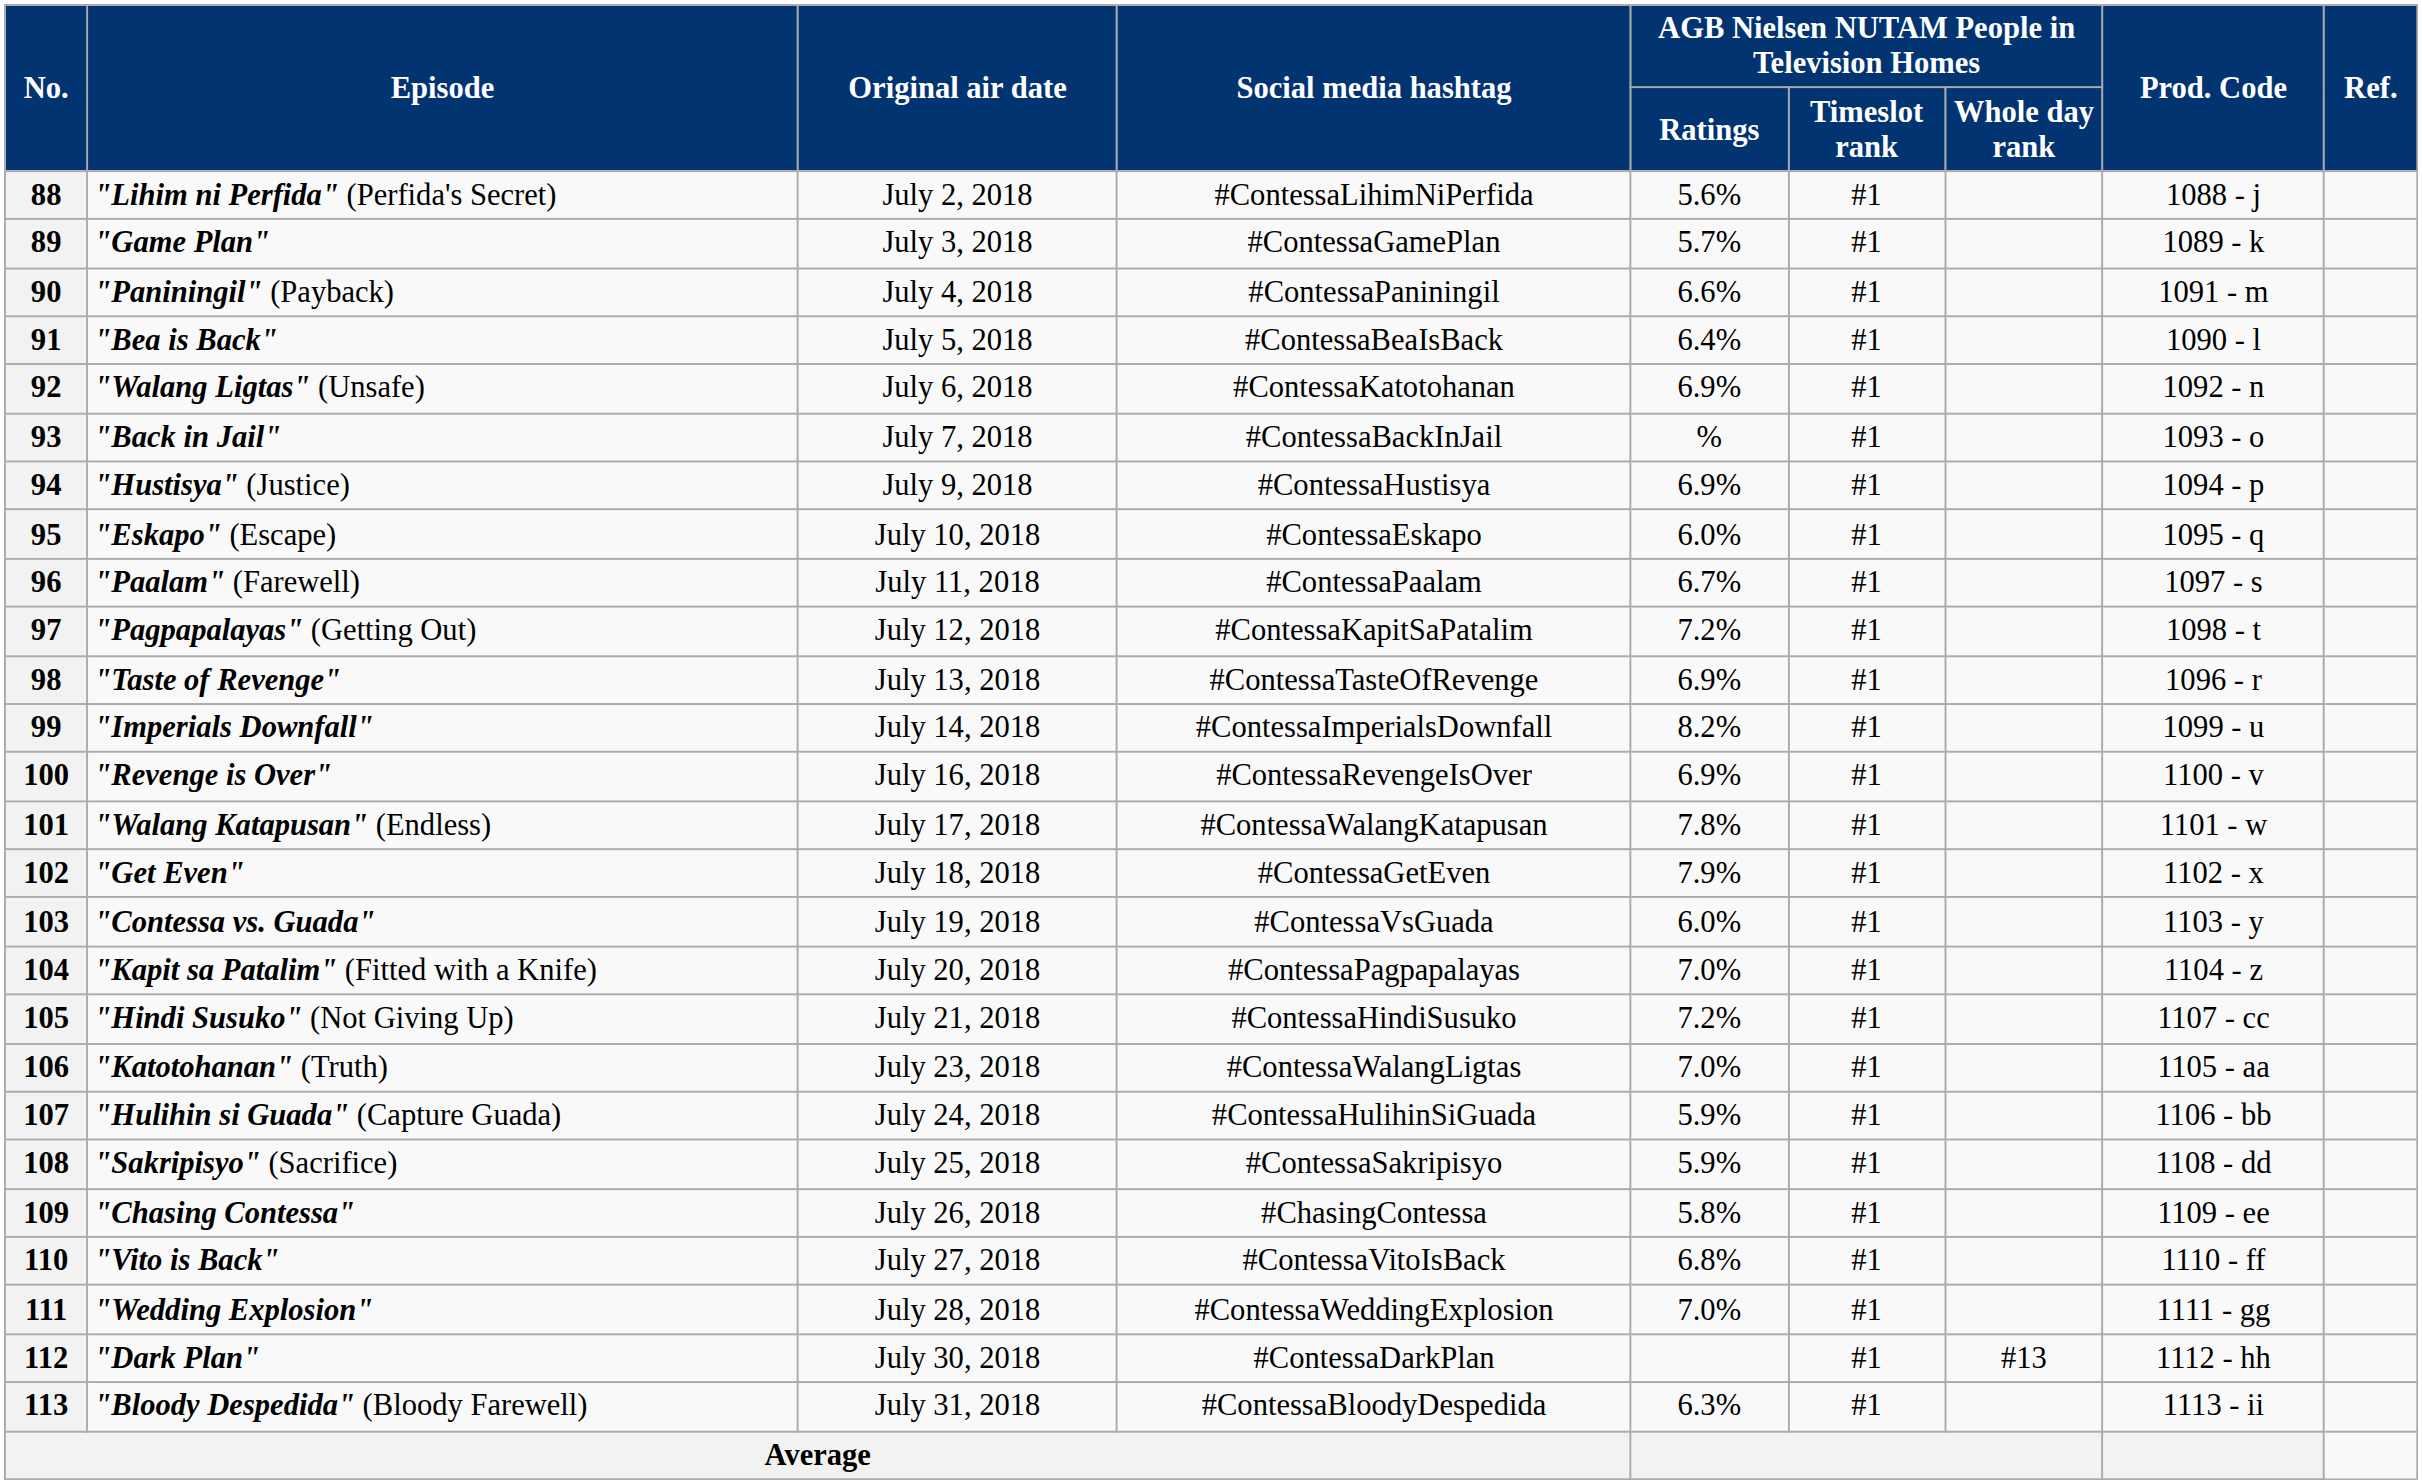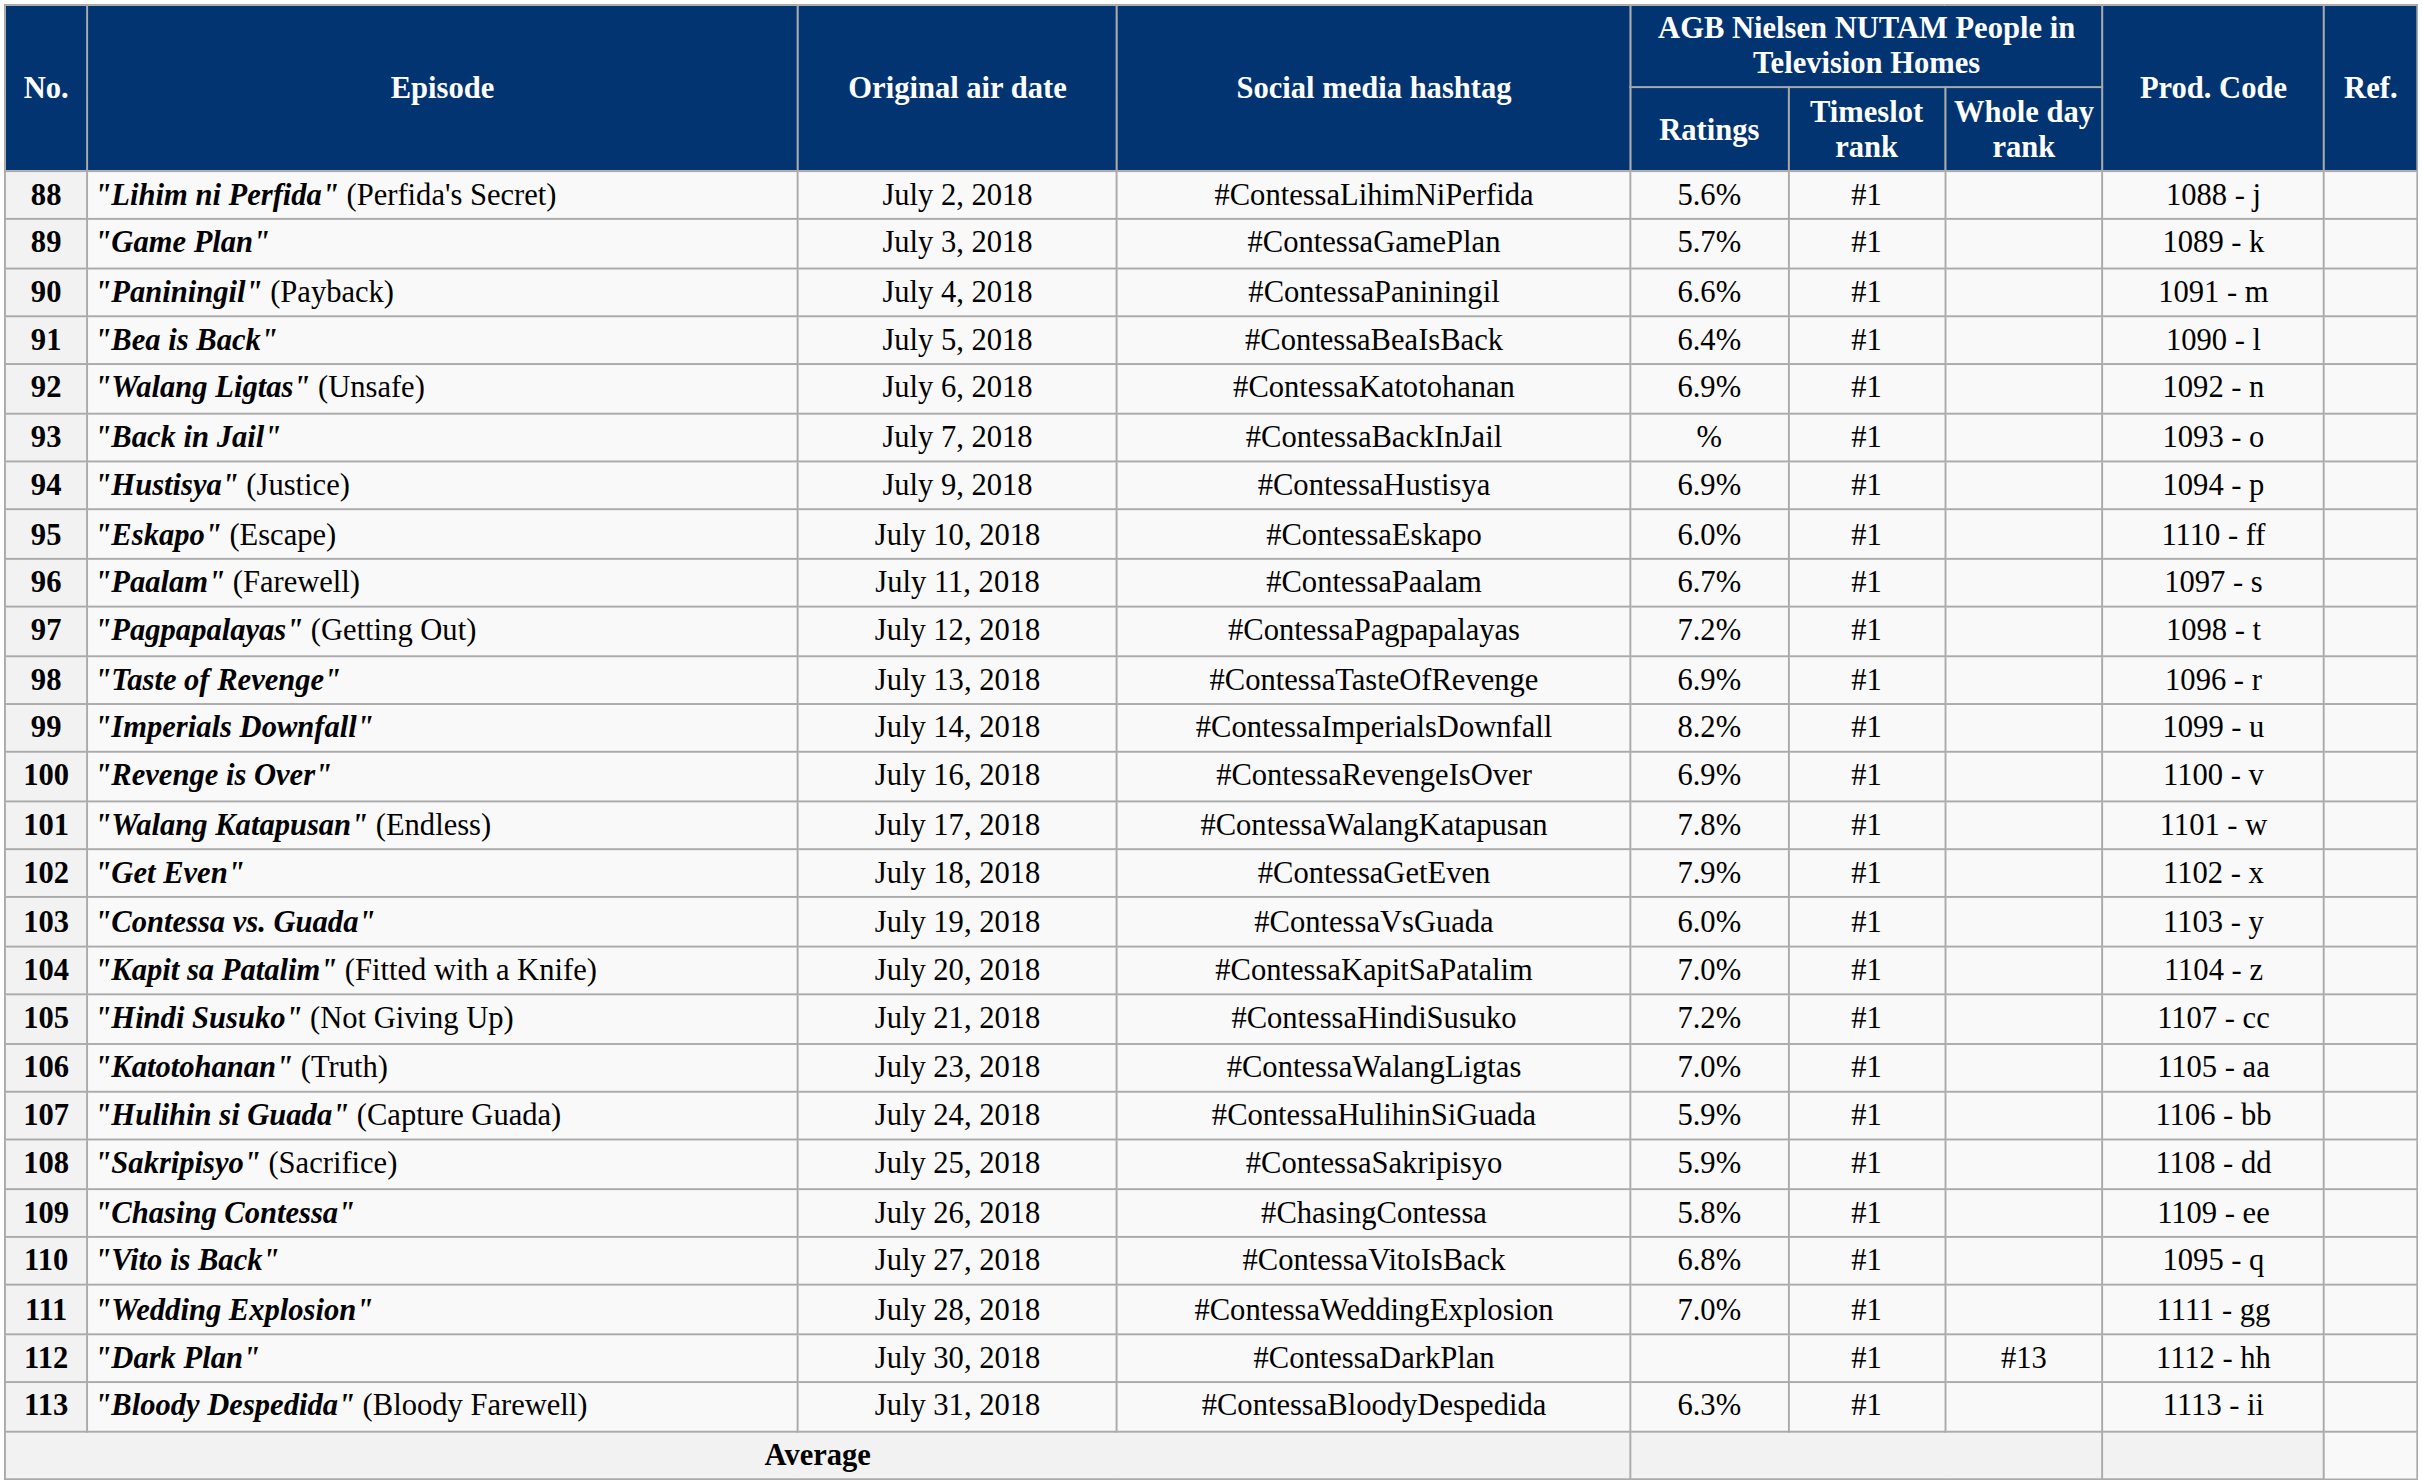 <table class="wikitable" style="text-align:center; font-size:100%; line-height:18px;" width="100%">
 <tr>
 <th style="background-color:#023472; color:#ffffff;" rowspan="2">No.</th>
 <th style="background-color:#023472; color:#ffffff;" rowspan="2">Episode</th>
 <th style="background-color:#023472; color:white" rowspan="2">Original air date</th>
 <th style="background-color:#023472; color:white" rowspan="2">Social media hashtag</th>
 <th style="background-color:#023472; color:#ffffff;" colspan="3">AGB Nielsen NUTAM People in Television Homes</th>
 <th style="background-color:#023472; color:white" rowspan="2">Prod. Code</th>
 <th style="background-color:#023472; color:#ffffff;" rowspan="2">Ref.</th>
 </tr>
 <tr>
 <th style="background-color:#023472; width:75px; color:#ffffff;">Ratings</th>
 <th style="background-color:#023472; width:75px; color:#ffffff;">Timeslot<br>rank</th>
 <th style="background-color:#023472; width:75px; color:#ffffff;">Whole day<br>rank</th>
 </tr>
 <tr>
 <th>88</th>
 <td style="text-align: left;"><strong><em>"Lihim ni Perfida"</em></strong> (Perfida's Secret)</td>
 <td>July 2, 2018</td>
 <td>#ContessaLihimNiPerfida</td>
 <td>5.6%</td>
 <td>#1</td>
 <td></td>
 <td>1088 - j</td>
 <td></td>
 </tr>
 <tr>
 <th>89</th>
 <td style="text-align: left;"><strong><em>"Game Plan"</em></strong></td>
 <td>July 3, 2018</td>
 <td>#ContessaGamePlan</td>
 <td>5.7%</td>
 <td>#1</td>
 <td></td>
 <td>1089 - k</td>
 <td></td>
 </tr>
 <tr>
 <th>90</th>
 <td style="text-align: left;"><strong><em>"Paniningil"</em></strong> (Payback)</td>
 <td>July 4, 2018</td>
 <td>#ContessaPaniningil</td>
 <td>6.6%</td>
 <td>#1</td>
 <td></td>
 <td>1091 - m</td>
 <td></td>
 </tr>
 <tr>
 <th>91</th>
 <td style="text-align: left;"><strong><em>"Bea is Back"</em></strong></td>
 <td>July 5, 2018</td>
 <td>#ContessaBeaIsBack</td>
 <td>6.4%</td>
 <td>#1</td>
 <td></td>
 <td>1090 - l</td>
 <td></td>
 </tr>
 <tr>
 <th>92</th>
 <td style="text-align: left;"><strong><em>"Walang Ligtas"</em></strong> (Unsafe)</td>
 <td>July 6, 2018</td>
 <td>#ContessaKatotohanan</td>
 <td>6.9%</td>
 <td>#1</td>
 <td></td>
 <td>1092 - n</td>
 <td></td>
 </tr>
 <tr>
 <th>93</th>
 <td style="text-align: left;"><strong><em>"Back in Jail"</em></strong></td>
 <td>July 7, 2018</td>
 <td>#ContessaBackInJail</td>
 <td>%</td>
 <td>#1</td>
 <td></td>
 <td>1093 - o</td>
 <td></td>
 </tr>
 <tr>
 <th>94</th>
 <td style="text-align: left;"><strong><em>"Hustisya"</em></strong> (Justice)</td>
 <td>July 9, 2018</td>
 <td>#ContessaHustisya</td>
 <td>6.9%</td>
 <td>#1</td>
 <td></td>
 <td>1094 - p</td>
 <td></td>
 </tr>
 <tr>
 <th>95</th>
 <td style="text-align: left;"><strong><em>"Eskapo"</em></strong> (Escape)</td>
 <td>July 10, 2018</td>
 <td>#ContessaEskapo</td>
 <td>6.0%</td>
 <td>#1</td>
 <td></td>
-<td>1095 - q</td>
+<td>1110 - ff</td>
 <td></td>
 </tr>
 <tr>
 <th>96</th>
 <td style="text-align: left;"><strong><em>"Paalam"</em></strong> (Farewell)</td>
 <td>July 11, 2018</td>
 <td>#ContessaPaalam</td>
 <td>6.7%</td>
 <td>#1</td>
 <td></td>
 <td>1097 - s</td>
 <td></td>
 </tr>
 <tr>
 <th>97</th>
 <td style="text-align: left;"><strong><em>"Pagpapalayas"</em></strong> (Getting Out)</td>
 <td>July 12, 2018</td>
-<td>#ContessaKapitSaPatalim</td>
+<td>#ContessaPagpapalayas</td>
 <td>7.2%</td>
 <td>#1</td>
 <td></td>
 <td>1098 - t</td>
 <td></td>
 </tr>
 <tr>
 <th>98</th>
 <td style="text-align: left;"><strong><em>"Taste of Revenge"</em></strong></td>
 <td>July 13, 2018</td>
 <td>#ContessaTasteOfRevenge</td>
 <td>6.9%</td>
 <td>#1</td>
 <td></td>
 <td>1096 - r</td>
 <td></td>
 </tr>
 <tr>
 <th>99</th>
 <td style="text-align: left;"><strong><em>"Imperials Downfall"</em></strong></td>
 <td>July 14, 2018</td>
 <td>#ContessaImperialsDownfall</td>
 <td>8.2%</td>
 <td>#1</td>
 <td></td>
 <td>1099 - u</td>
 <td></td>
 </tr>
 <tr>
 <th>100</th>
 <td style="text-align: left;"><strong><em>"Revenge is Over"</em></strong></td>
 <td>July 16, 2018</td>
 <td>#ContessaRevengeIsOver</td>
 <td>6.9%</td>
 <td>#1</td>
 <td></td>
 <td>1100  - v</td>
 <td></td>
 </tr>
 <tr>
 <th>101</th>
 <td style="text-align: left;"><strong><em>"Walang Katapusan"</em></strong> (Endless)</td>
 <td>July 17, 2018</td>
 <td>#ContessaWalangKatapusan</td>
 <td>7.8%</td>
 <td>#1</td>
 <td></td>
 <td>1101 - w</td>
 <td></td>
 </tr>
 <tr>
 <th>102</th>
 <td style="text-align: left;"><strong><em>"Get Even"</em></strong></td>
 <td>July 18, 2018</td>
 <td>#ContessaGetEven</td>
 <td>7.9%</td>
 <td>#1</td>
 <td></td>
 <td>1102 - x</td>
 <td></td>
 </tr>
 <tr>
 <th>103</th>
 <td style="text-align: left;"><strong><em>"Contessa vs. Guada"</em></strong></td>
 <td>July 19, 2018</td>
 <td>#ContessaVsGuada</td>
 <td>6.0%</td>
 <td>#1</td>
 <td></td>
 <td>1103 - y</td>
 <td></td>
 </tr>
 <tr>
 <th>104</th>
 <td style="text-align: left;"><strong><em>"Kapit sa Patalim"</em></strong> (Fitted with a Knife)</td>
 <td>July 20, 2018</td>
-<td>#ContessaPagpapalayas</td>
+<td>#ContessaKapitSaPatalim</td>
 <td>7.0%</td>
 <td>#1</td>
 <td></td>
 <td>1104 - z</td>
 <td></td>
 </tr>
 <tr>
 <th>105</th>
 <td style="text-align: left;"><strong><em>"Hindi Susuko"</em></strong> (Not Giving Up)</td>
 <td>July 21, 2018</td>
 <td>#ContessaHindiSusuko</td>
 <td>7.2%</td>
 <td>#1</td>
 <td></td>
 <td>1107 - cc</td>
 <td></td>
 </tr>
 <tr>
 <th>106</th>
 <td style="text-align: left;"><strong><em>"Katotohanan"</em></strong> (Truth)</td>
 <td>July 23, 2018</td>
 <td>#ContessaWalangLigtas</td>
 <td>7.0%</td>
 <td>#1</td>
 <td></td>
 <td>1105 - aa</td>
 <td></td>
 </tr>
 <tr>
 <th>107</th>
 <td style="text-align: left;"><strong><em>"Hulihin si Guada"</em></strong> (Capture Guada)</td>
 <td>July 24, 2018</td>
 <td>#ContessaHulihinSiGuada</td>
 <td>5.9%</td>
 <td>#1</td>
 <td></td>
 <td>1106 - bb</td>
 <td></td>
 </tr>
 <tr>
 <th>108</th>
 <td style="text-align: left;"><strong><em>"Sakripisyo"</em></strong> (Sacrifice)</td>
 <td>July 25, 2018</td>
 <td>#ContessaSakripisyo</td>
 <td>5.9%</td>
 <td>#1</td>
 <td></td>
 <td>1108 - dd</td>
 <td></td>
 </tr>
 <tr>
 <th>109</th>
 <td style="text-align: left;"><strong><em>"Chasing Contessa"</em></strong></td>
 <td>July 26, 2018</td>
 <td>#ChasingContessa</td>
 <td>5.8%</td>
 <td>#1</td>
 <td></td>
 <td>1109 - ee</td>
 <td></td>
 </tr>
 <tr>
 <th>110</th>
 <td style="text-align: left;"><strong><em>"Vito is Back"</em></strong></td>
 <td>July 27, 2018</td>
 <td>#ContessaVitoIsBack</td>
 <td>6.8%</td>
 <td>#1</td>
 <td></td>
-<td>1110 - ff</td>
+<td>1095 - q</td>
 <td></td>
 </tr>
 <tr>
 <th>111</th>
 <td style="text-align: left;"><strong><em>"Wedding Explosion"</em></strong></td>
 <td>July 28, 2018</td>
 <td>#ContessaWeddingExplosion</td>
 <td>7.0%</td>
 <td>#1</td>
 <td></td>
 <td>1111 - gg</td>
 <td></td>
 </tr>
 <tr>
 <th>112</th>
 <td style="text-align: left;"><strong><em>"Dark Plan"</em></strong></td>
 <td>July 30, 2018</td>
 <td>#ContessaDarkPlan</td>
 <td></td>
 <td>#1</td>
 <td>#13</td>
 <td>1112 - hh</td>
 <td></td>
 </tr>
 <tr>
 <th>113</th>
 <td style="text-align: left;"><strong><em>"Bloody Despedida"</em></strong> (Bloody Farewell)</td>
 <td>July 31, 2018</td>
 <td>#ContessaBloodyDespedida</td>
 <td>6.3%</td>
 <td>#1</td>
 <td></td>
 <td>1113 - ii</td>
 <td></td>
 </tr>
 <tr>
 <th colspan="4">Average</th>
 <th colspan="3"></th>
 <th></th>
 </tr>
 <tr>
 </tr>
 </table>
